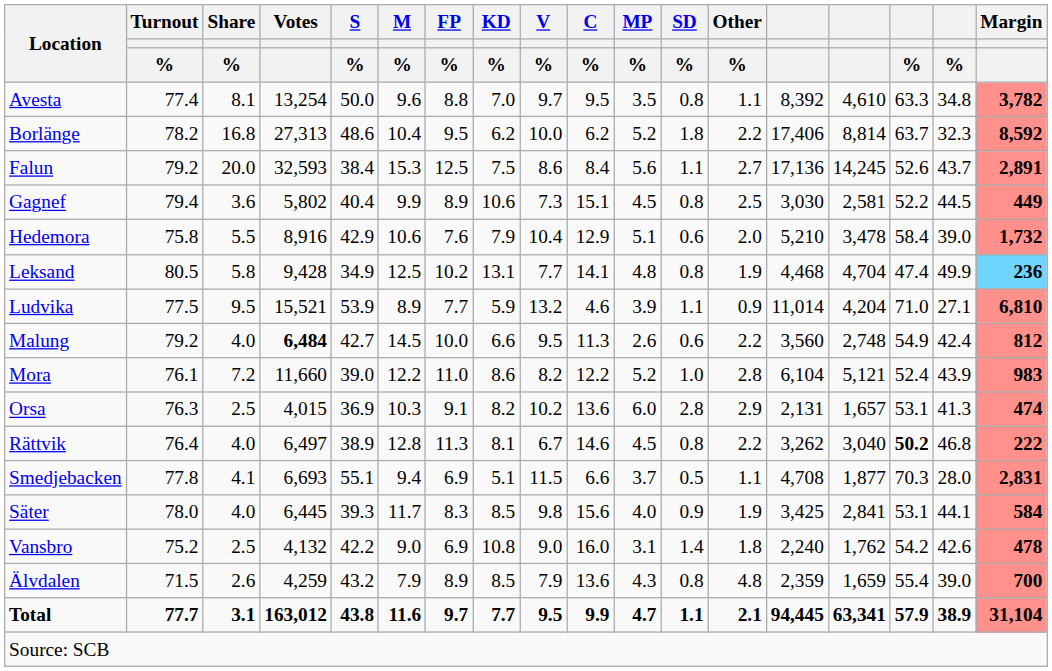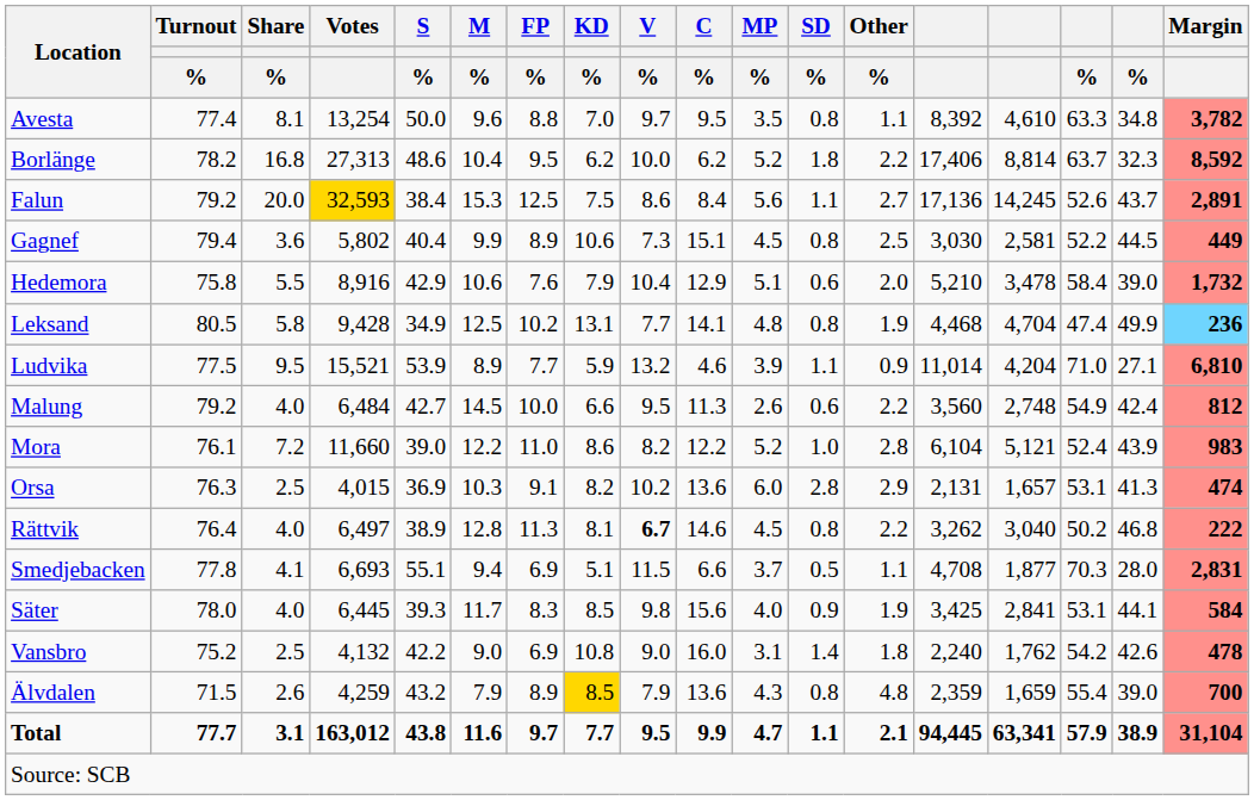 <table class="wikitable sortable" style="text-align:right; font-size:95%; line-height:20px;">
 <tr>
 <th rowspan="3">Location</th>
 <th>Turnout</th>
 <th>Share</th>
 <th>Votes</th>
 <th width="30px" class="unsortable"><a href='#'>S</a></th>
 <th width="30px" class="unsortable"><a href='#'>M</a></th>
 <th width="30px" class="unsortable"><a href='#'>FP</a></th>
 <th width="30px" class="unsortable"><a href='#'>KD</a></th>
 <th width="30px" class="unsortable"><a href='#'>V</a></th>
 <th width="30px" class="unsortable"><a href='#'>C</a></th>
 <th width="30px" class="unsortable"><a href='#'>MP</a></th>
 <th width="30px" class="unsortable"><a href='#'>SD</a></th>
 <th width="30px" class="unsortable">Other</th>
 <th></th>
 <th></th>
 <th></th>
 <th></th>
 <th>Margin</th>
 </tr>
 <tr>
 <th></th>
 <th></th>
 <th></th>
 <th style="background:"></th>
 <th style="background:"></th>
 <th style="background:"></th>
 <th style="background:"></th>
 <th style="background:"></th>
 <th style="background:"></th>
 <th style="background:"></th>
 <th style="background:"></th>
 <th style="background:"></th>
 <th style="background:"></th>
 <th style="background:"></th>
 <th style="background:"></th>
 <th style="background:"></th>
 <th></th>
 </tr>
 <tr>
 <th data-sort-type="number">%</th>
 <th data-sort-type="number">%</th>
 <th></th>
 <th data-sort-type="number">%</th>
 <th data-sort-type="number">%</th>
 <th data-sort-type="number">%</th>
 <th data-sort-type="number">%</th>
 <th data-sort-type="number">%</th>
 <th data-sort-type="number">%</th>
 <th data-sort-type="number">%</th>
 <th data-sort-type="number">%</th>
 <th data-sort-type="number">%</th>
 <th data-sort-type="number"></th>
 <th data-sort-type="number"></th>
 <th data-sort-type="number">%</th>
 <th data-sort-type="number">%</th>
 <th data-sort-type="number"></th>
 </tr>
 <tr>
 <td align=left><a href='#'>Avesta</a></td>
 <td>77.4</td>
 <td>8.1</td>
 <td>13,254</td>
 <td>50.0</td>
 <td>9.6</td>
 <td>8.8</td>
 <td>7.0</td>
 <td>9.7</td>
 <td>9.5</td>
 <td>3.5</td>
 <td>0.8</td>
 <td>1.1</td>
 <td>8,392</td>
 <td>4,610</td>
 <td>63.3</td>
 <td>34.8</td>
 <td bgcolor=#ff908c><strong>3,782</strong></td>
 </tr>
 <tr>
 <td align=left><a href='#'>Borlänge</a></td>
 <td>78.2</td>
 <td>16.8</td>
 <td>27,313</td>
 <td>48.6</td>
 <td>10.4</td>
 <td>9.5</td>
 <td>6.2</td>
 <td>10.0</td>
 <td>6.2</td>
 <td>5.2</td>
 <td>1.8</td>
 <td>2.2</td>
 <td>17,406</td>
 <td>8,814</td>
 <td>63.7</td>
 <td>32.3</td>
 <td bgcolor=#ff908c><strong>8,592</strong></td>
 </tr>
 <tr>
 <td align=left><a href='#'>Falun</a></td>
 <td>79.2</td>
 <td>20.0</td>
-<td>32,593</td>
+<td style="background: gold;">32,593</td>
 <td>38.4</td>
 <td>15.3</td>
 <td>12.5</td>
 <td>7.5</td>
 <td>8.6</td>
 <td>8.4</td>
 <td>5.6</td>
 <td>1.1</td>
 <td>2.7</td>
 <td>17,136</td>
 <td>14,245</td>
 <td>52.6</td>
 <td>43.7</td>
 <td bgcolor=#ff908c><strong>2,891</strong></td>
 </tr>
 <tr>
 <td align=left><a href='#'>Gagnef</a></td>
 <td>79.4</td>
 <td>3.6</td>
 <td>5,802</td>
 <td>40.4</td>
 <td>9.9</td>
 <td>8.9</td>
 <td>10.6</td>
 <td>7.3</td>
 <td>15.1</td>
 <td>4.5</td>
 <td>0.8</td>
 <td>2.5</td>
 <td>3,030</td>
 <td>2,581</td>
 <td>52.2</td>
 <td>44.5</td>
 <td bgcolor=#ff908c><strong>449</strong></td>
 </tr>
 <tr>
 <td align=left><a href='#'>Hedemora</a></td>
 <td>75.8</td>
 <td>5.5</td>
 <td>8,916</td>
 <td>42.9</td>
 <td>10.6</td>
 <td>7.6</td>
 <td>7.9</td>
 <td>10.4</td>
 <td>12.9</td>
 <td>5.1</td>
 <td>0.6</td>
 <td>2.0</td>
 <td>5,210</td>
 <td>3,478</td>
 <td>58.4</td>
 <td>39.0</td>
 <td bgcolor=#ff908c><strong>1,732</strong></td>
 </tr>
 <tr>
 <td align=left><a href='#'>Leksand</a></td>
 <td>80.5</td>
 <td>5.8</td>
 <td>9,428</td>
 <td>34.9</td>
 <td>12.5</td>
 <td>10.2</td>
 <td>13.1</td>
 <td>7.7</td>
 <td>14.1</td>
 <td>4.8</td>
 <td>0.8</td>
 <td>1.9</td>
 <td>4,468</td>
 <td>4,704</td>
 <td>47.4</td>
 <td>49.9</td>
 <td bgcolor=#6fd5fe><strong>236</strong></td>
 </tr>
 <tr>
 <td align=left><a href='#'>Ludvika</a></td>
 <td>77.5</td>
 <td>9.5</td>
 <td>15,521</td>
 <td>53.9</td>
 <td>8.9</td>
 <td>7.7</td>
 <td>5.9</td>
 <td>13.2</td>
 <td>4.6</td>
 <td>3.9</td>
 <td>1.1</td>
 <td>0.9</td>
 <td>11,014</td>
 <td>4,204</td>
 <td>71.0</td>
 <td>27.1</td>
 <td bgcolor=#ff908c><strong>6,810</strong></td>
 </tr>
 <tr>
 <td align=left><a href='#'>Malung</a></td>
 <td>79.2</td>
 <td>4.0</td>
-<td><strong>6,484</strong></td>
+<td>6,484</td>
 <td>42.7</td>
 <td>14.5</td>
 <td>10.0</td>
 <td>6.6</td>
 <td>9.5</td>
 <td>11.3</td>
 <td>2.6</td>
 <td>0.6</td>
 <td>2.2</td>
 <td>3,560</td>
 <td>2,748</td>
 <td>54.9</td>
 <td>42.4</td>
 <td bgcolor=#ff908c><strong>812</strong></td>
 </tr>
 <tr>
 <td align=left><a href='#'>Mora</a></td>
 <td>76.1</td>
 <td>7.2</td>
 <td>11,660</td>
 <td>39.0</td>
 <td>12.2</td>
 <td>11.0</td>
 <td>8.6</td>
 <td>8.2</td>
 <td>12.2</td>
 <td>5.2</td>
 <td>1.0</td>
 <td>2.8</td>
 <td>6,104</td>
 <td>5,121</td>
 <td>52.4</td>
 <td>43.9</td>
 <td bgcolor=#ff908c><strong>983</strong></td>
 </tr>
 <tr>
 <td align=left><a href='#'>Orsa</a></td>
 <td>76.3</td>
 <td>2.5</td>
 <td>4,015</td>
 <td>36.9</td>
 <td>10.3</td>
 <td>9.1</td>
 <td>8.2</td>
 <td>10.2</td>
 <td>13.6</td>
 <td>6.0</td>
 <td>2.8</td>
 <td>2.9</td>
 <td>2,131</td>
 <td>1,657</td>
 <td>53.1</td>
 <td>41.3</td>
 <td bgcolor=#ff908c><strong>474</strong></td>
 </tr>
 <tr>
 <td align=left><a href='#'>Rättvik</a></td>
 <td>76.4</td>
 <td>4.0</td>
 <td>6,497</td>
 <td>38.9</td>
 <td>12.8</td>
 <td>11.3</td>
 <td>8.1</td>
-<td>6.7</td>
+<td><strong>6.7</strong></td>
 <td>14.6</td>
 <td>4.5</td>
 <td>0.8</td>
 <td>2.2</td>
 <td>3,262</td>
 <td>3,040</td>
-<td><strong>50.2</strong></td>
+<td>50.2</td>
 <td>46.8</td>
 <td bgcolor=#ff908c><strong>222</strong></td>
 </tr>
 <tr>
 <td align=left><a href='#'>Smedjebacken</a></td>
 <td>77.8</td>
 <td>4.1</td>
 <td>6,693</td>
 <td>55.1</td>
 <td>9.4</td>
 <td>6.9</td>
 <td>5.1</td>
 <td>11.5</td>
 <td>6.6</td>
 <td>3.7</td>
 <td>0.5</td>
 <td>1.1</td>
 <td>4,708</td>
 <td>1,877</td>
 <td>70.3</td>
 <td>28.0</td>
 <td bgcolor=#ff908c><strong>2,831</strong></td>
 </tr>
 <tr>
 <td align=left><a href='#'>Säter</a></td>
 <td>78.0</td>
 <td>4.0</td>
 <td>6,445</td>
 <td>39.3</td>
 <td>11.7</td>
 <td>8.3</td>
 <td>8.5</td>
 <td>9.8</td>
 <td>15.6</td>
 <td>4.0</td>
 <td>0.9</td>
 <td>1.9</td>
 <td>3,425</td>
 <td>2,841</td>
 <td>53.1</td>
 <td>44.1</td>
 <td bgcolor=#ff908c><strong>584</strong></td>
 </tr>
 <tr>
 <td align=left><a href='#'>Vansbro</a></td>
 <td>75.2</td>
 <td>2.5</td>
 <td>4,132</td>
 <td>42.2</td>
 <td>9.0</td>
 <td>6.9</td>
 <td>10.8</td>
 <td>9.0</td>
 <td>16.0</td>
 <td>3.1</td>
 <td>1.4</td>
 <td>1.8</td>
 <td>2,240</td>
 <td>1,762</td>
 <td>54.2</td>
 <td>42.6</td>
 <td bgcolor=#ff908c><strong>478</strong></td>
 </tr>
 <tr>
 <td align=left><a href='#'>Älvdalen</a></td>
 <td>71.5</td>
 <td>2.6</td>
 <td>4,259</td>
 <td>43.2</td>
 <td>7.9</td>
 <td>8.9</td>
-<td>8.5</td>
+<td style="background: gold;">8.5</td>
 <td>7.9</td>
 <td>13.6</td>
 <td>4.3</td>
 <td>0.8</td>
 <td>4.8</td>
 <td>2,359</td>
 <td>1,659</td>
 <td>55.4</td>
 <td>39.0</td>
 <td bgcolor=#ff908c><strong>700</strong></td>
 </tr>
 <tr>
 <td align=left><strong>Total</strong></td>
 <td><strong>77.7</strong></td>
 <td><strong>3.1</strong></td>
 <td><strong>163,012</strong></td>
 <td><strong>43.8</strong></td>
 <td><strong>11.6</strong></td>
 <td><strong>9.7</strong></td>
 <td><strong>7.7</strong></td>
 <td><strong>9.5</strong></td>
 <td><strong>9.9</strong></td>
 <td><strong>4.7</strong></td>
 <td><strong>1.1</strong></td>
 <td><strong>2.1</strong></td>
 <td><strong>94,445</strong></td>
 <td><strong>63,341</strong></td>
 <td><strong>57.9</strong></td>
 <td><strong>38.9</strong></td>
 <td bgcolor=#ff908c><strong>31,104</strong></td>
 </tr>
 <tr>
 <td align=left colspan=18>Source: SCB </td>
 </tr>
 </table>
